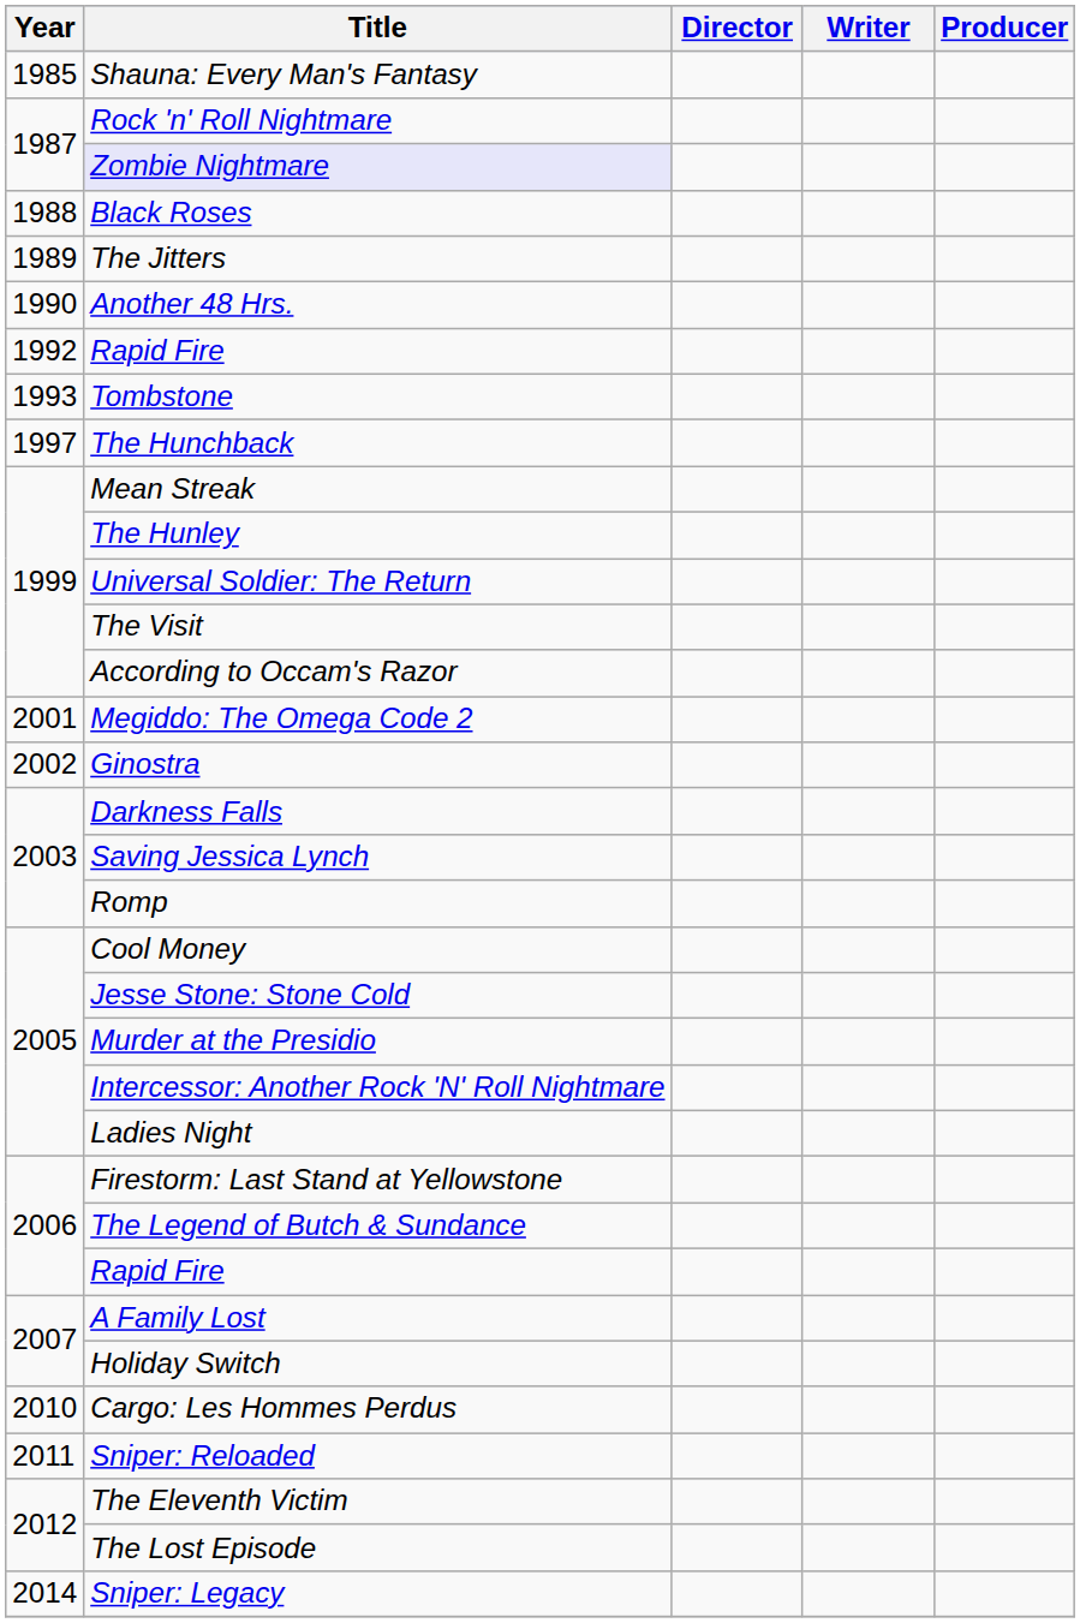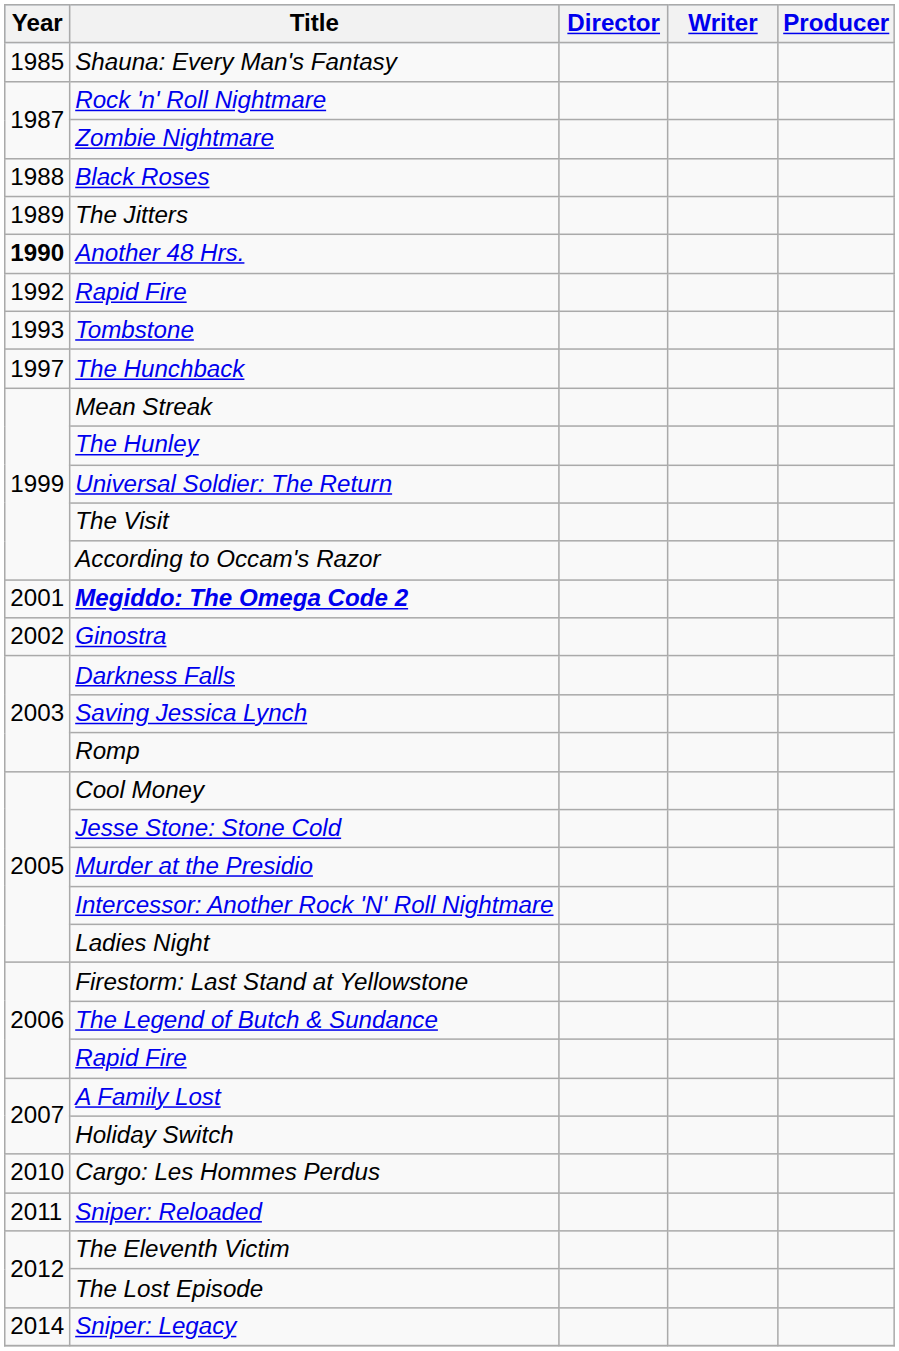 <table class="wikitable">
 <tr style="background:#b0c4de; text-align:center;">
 <th>Year</th>
 <th>Title</th>
 <th width="65"><a href='#'>Director</a></th>
 <th width="65"><a href='#'>Writer</a></th>
 <th width="65"><a href='#'>Producer</a></th>
 </tr>
 <tr>
 <td>1985</td>
 <td><em>Shauna: Every Man's Fantasy</em></td>
 <td></td>
 <td></td>
 <td></td>
 </tr>
 <tr>
 <td rowspan=2>1987</td>
 <td><em><a href='#'>Rock 'n' Roll Nightmare</a></em></td>
 <td></td>
 <td></td>
 <td></td>
 </tr>
 <tr>
-<td style="background: lavender;"><em><a href='#'>Zombie Nightmare</a></em></td>
+<td><em><a href='#'>Zombie Nightmare</a></em></td>
 <td></td>
 <td></td>
 <td></td>
 </tr>
 <tr>
 <td>1988</td>
 <td><em><a href='#'>Black Roses</a></em></td>
 <td></td>
 <td></td>
 <td></td>
 </tr>
 <tr>
 <td>1989</td>
 <td><em>The Jitters</em></td>
 <td></td>
 <td></td>
 <td></td>
 </tr>
 <tr>
-<td>1990</td>
+<td><strong>1990</strong></td>
 <td><em><a href='#'>Another 48 Hrs.</a></em></td>
 <td></td>
 <td></td>
 <td></td>
 </tr>
 <tr>
 <td>1992</td>
 <td><em><a href='#'>Rapid Fire</a></em></td>
 <td></td>
 <td></td>
 <td></td>
 </tr>
 <tr>
 <td>1993</td>
 <td><em><a href='#'>Tombstone</a></em></td>
 <td></td>
 <td></td>
 <td></td>
 </tr>
 <tr>
 <td>1997</td>
 <td><em><a href='#'>The Hunchback</a></em></td>
 <td></td>
 <td></td>
 <td></td>
 </tr>
 <tr>
 <td rowspan=5>1999</td>
 <td><em>Mean Streak</em></td>
 <td></td>
 <td></td>
 <td></td>
 </tr>
 <tr>
 <td><em><a href='#'>The Hunley</a></em></td>
 <td></td>
 <td></td>
 <td></td>
 </tr>
 <tr>
 <td><em><a href='#'>Universal Soldier: The Return</a></em></td>
 <td></td>
 <td></td>
 <td></td>
 </tr>
 <tr>
 <td><em>The Visit</em></td>
 <td></td>
 <td></td>
 <td></td>
 </tr>
 <tr>
 <td><em>According to Occam's Razor</em></td>
 <td></td>
 <td></td>
 <td></td>
 </tr>
 <tr>
 <td>2001</td>
-<td><em><a href='#'>Megiddo: The Omega Code 2</a></em></td>
+<td><strong><em><a href='#'>Megiddo: The Omega Code 2</a></em></strong></td>
 <td></td>
 <td></td>
 <td></td>
 </tr>
 <tr>
 <td>2002</td>
 <td><em><a href='#'>Ginostra</a></em></td>
 <td></td>
 <td></td>
 <td></td>
 </tr>
 <tr>
 <td rowspan=3>2003</td>
 <td><em><a href='#'>Darkness Falls</a></em></td>
 <td></td>
 <td></td>
 <td></td>
 </tr>
 <tr>
 <td><em><a href='#'>Saving Jessica Lynch</a></em></td>
 <td></td>
 <td></td>
 <td></td>
 </tr>
 <tr>
 <td><em>Romp</em></td>
 <td></td>
 <td></td>
 <td></td>
 </tr>
 <tr>
 <td rowspan=5>2005</td>
 <td><em>Cool Money</em></td>
 <td></td>
 <td></td>
 <td></td>
 </tr>
 <tr>
 <td><em><a href='#'>Jesse Stone: Stone Cold</a></em></td>
 <td></td>
 <td></td>
 <td></td>
 </tr>
 <tr>
 <td><em><a href='#'>Murder at the Presidio</a></em></td>
 <td></td>
 <td></td>
 <td></td>
 </tr>
 <tr>
 <td><em><a href='#'>Intercessor: Another Rock 'N' Roll Nightmare</a></em></td>
 <td></td>
 <td></td>
 <td></td>
 </tr>
 <tr>
 <td><em>Ladies Night</em></td>
 <td></td>
 <td></td>
 <td></td>
 </tr>
 <tr>
 <td rowspan=3>2006</td>
 <td><em>Firestorm: Last Stand at Yellowstone</em></td>
 <td></td>
 <td></td>
 <td></td>
 </tr>
 <tr>
 <td><em><a href='#'>The Legend of Butch & Sundance</a></em></td>
 <td></td>
 <td></td>
 <td></td>
 </tr>
 <tr>
 <td><em><a href='#'>Rapid Fire</a></em></td>
 <td></td>
 <td></td>
 <td></td>
 </tr>
 <tr>
 <td rowspan=2>2007</td>
 <td><em><a href='#'>A Family Lost</a></em></td>
 <td></td>
 <td></td>
 <td></td>
 </tr>
 <tr>
 <td><em>Holiday Switch</em></td>
 <td></td>
 <td></td>
 <td></td>
 </tr>
 <tr>
 <td>2010</td>
 <td><em>Cargo: Les Hommes Perdus</em></td>
 <td></td>
 <td></td>
 <td></td>
 </tr>
 <tr>
 <td>2011</td>
 <td><em><a href='#'>Sniper: Reloaded</a></em></td>
 <td></td>
 <td></td>
 <td></td>
 </tr>
 <tr>
 <td rowspan=2>2012</td>
 <td><em>The Eleventh Victim</em></td>
 <td></td>
 <td></td>
 <td></td>
 </tr>
 <tr>
 <td><em>The Lost Episode</em></td>
 <td></td>
 <td></td>
 <td></td>
 </tr>
 <tr>
 <td>2014</td>
 <td><em><a href='#'>Sniper: Legacy</a></em></td>
 <td></td>
 <td></td>
 <td></td>
 </tr>
 <tr>
 </tr>
 </table>
